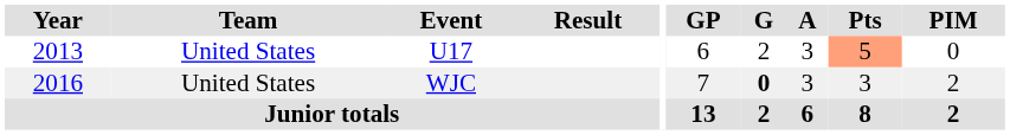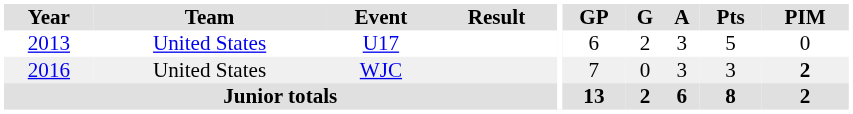 <table border="0" cellpadding="1" cellspacing="0" ID="Table3" style="text-align:center; width:40em">
 <tr ALIGN="center" bgcolor="#e0e0e0">
 <th>Year</th>
 <th>Team</th>
 <th>Event</th>
 <th>Result</th>
 <th rowspan="99" bgcolor="#ffffff"></th>
 <th>GP</th>
 <th>G</th>
 <th>A</th>
 <th>Pts</th>
 <th>PIM</th>
 </tr>
 <tr>
 <td><a href='#'>2013</a></td>
 <td><a href='#'>United States</a></td>
 <td><a href='#'>U17</a></td>
 <td></td>
 <td>6</td>
 <td>2</td>
 <td>3</td>
-<td style="background: lightsalmon;">5</td>
+<td>5</td>
 <td>0</td>
 </tr>
 <tr bgcolor="#f0f0f0">
 <td><a href='#'>2016</a></td>
 <td>United States</td>
 <td><a href='#'>WJC</a></td>
 <td></td>
 <td>7</td>
-<td><strong>0</strong></td>
+<td>0</td>
 <td>3</td>
 <td>3</td>
-<td>2</td>
+<td><strong>2</strong></td>
 </tr>
 <tr bgcolor="#e0e0e0">
 <th colspan="4">Junior totals</th>
 <th>13</th>
 <th>2</th>
 <th>6</th>
 <th>8</th>
 <th>2</th>
 </tr>
 </table>
